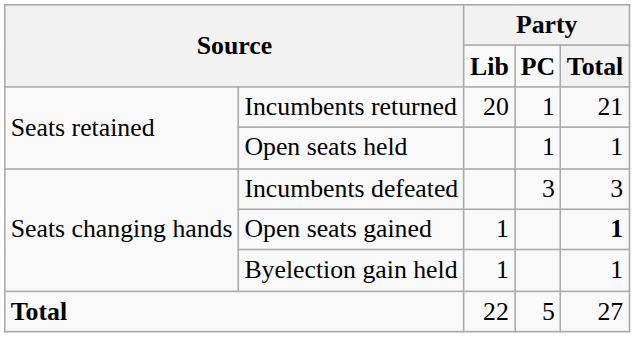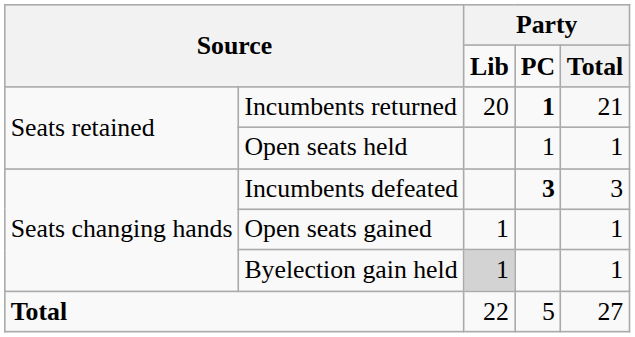 <table class="wikitable" style="text-align:right;">
 <tr>
 <th colspan="2" rowspan="2">Source</th>
 <th colspan="3">Party</th>
 </tr>
 <tr>
 <td><strong>Lib</strong></td>
 <td><strong>PC</strong></td>
 <th>Total</th>
 </tr>
 <tr>
 <td rowspan="2" style="text-align:left;">Seats retained</td>
 <td style="text-align:left;">Incumbents returned</td>
 <td>20</td>
-<td>1</td>
+<td><strong>1</strong></td>
 <td>21</td>
 </tr>
 <tr>
 <td style="text-align:left;">Open seats held</td>
 <td></td>
 <td>1</td>
 <td>1</td>
 </tr>
 <tr>
 <td rowspan="3" style="text-align:left;">Seats changing hands</td>
 <td style="text-align:left;">Incumbents defeated</td>
 <td></td>
-<td>3</td>
+<td><strong>3</strong></td>
 <td>3</td>
 </tr>
 <tr>
 <td style="text-align:left;">Open seats gained</td>
 <td>1</td>
 <td></td>
-<td><strong>1</strong></td>
+<td>1</td>
 </tr>
 <tr>
 <td style="text-align:left;">Byelection gain held</td>
-<td>1</td>
+<td style="background: lightgrey;">1</td>
 <td></td>
 <td>1</td>
 </tr>
 <tr>
 <td colspan="2" style="text-align:left;"><strong>Total</strong></td>
 <td>22</td>
 <td>5</td>
 <td>27</td>
 </tr>
 </table>
